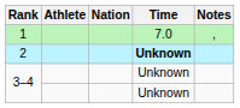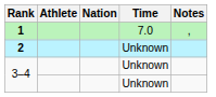 <table class="wikitable sortable" style="text-align:center">
 <tr>
 <th>Rank</th>
 <th>Athlete</th>
 <th>Nation</th>
 <th>Time</th>
 <th>Notes</th>
 </tr>
 <tr style="background:#bbf3bb;">
-<td>1</td>
+<td><strong>1</strong></td>
 <td align=left></td>
 <td align=left></td>
 <td>7.0</td>
 <td>, </td>
 </tr>
 <tr style="background:#bbf3ff;">
-<td>2</td>
+<td><strong>2</strong></td>
 <td align=left></td>
 <td align=left></td>
-<td><strong>Unknown</strong></td>
+<td>Unknown</td>
 <td></td>
 </tr>
 <tr>
 <td rowspan=2>3–4</td>
 <td align=left></td>
 <td align=left></td>
 <td>Unknown</td>
 <td></td>
 </tr>
 <tr>
 <td align=left></td>
 <td align=left></td>
 <td>Unknown</td>
 <td></td>
 </tr>
 </table>
